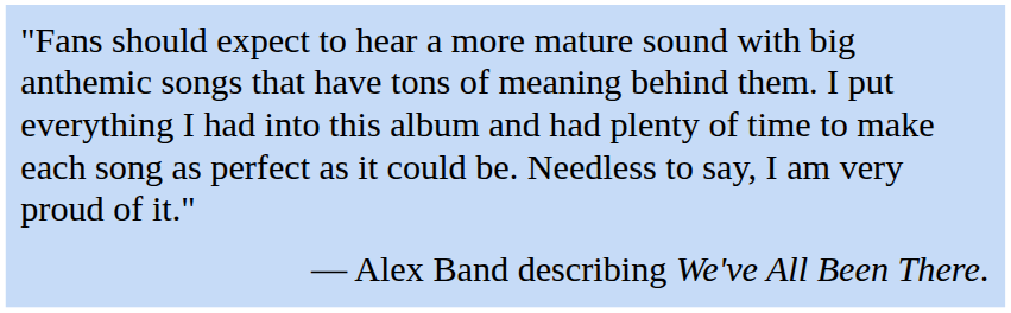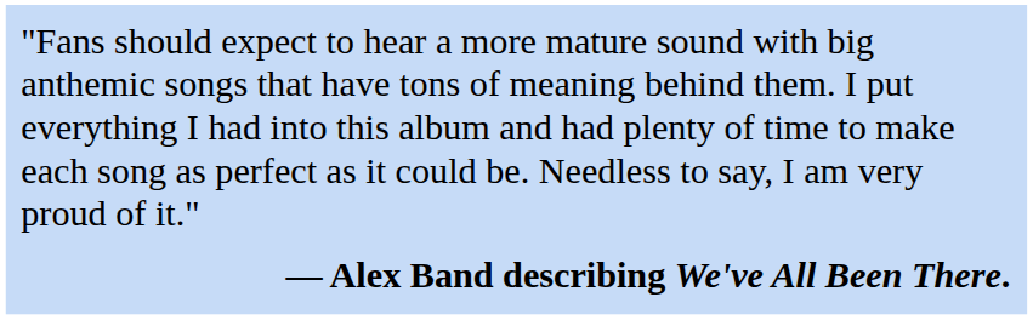 <table class="toccolours" style="float: right; margin-left: 1em; margin-right: 2em; font-size: 85%; background:#c6dbf7; color:black; width:30em; max-width: 30%;" cellspacing="5">
 <tr>
 <td style="text-align: left;">"Fans should expect to hear a more mature sound with big anthemic songs that have tons of meaning behind them. I put everything I had into this album and had plenty of time to make each song as perfect as it could be. Needless to say, I am very proud of it."</td>
 </tr>
 <tr>
-<td style="text-align: right;"> — Alex Band describing <em>We've All Been There</em>.</td>
+<td style="text-align: right;"><strong> — Alex Band describing <em>We've All Been There</em>.</strong></td>
 </tr>
 </table>
